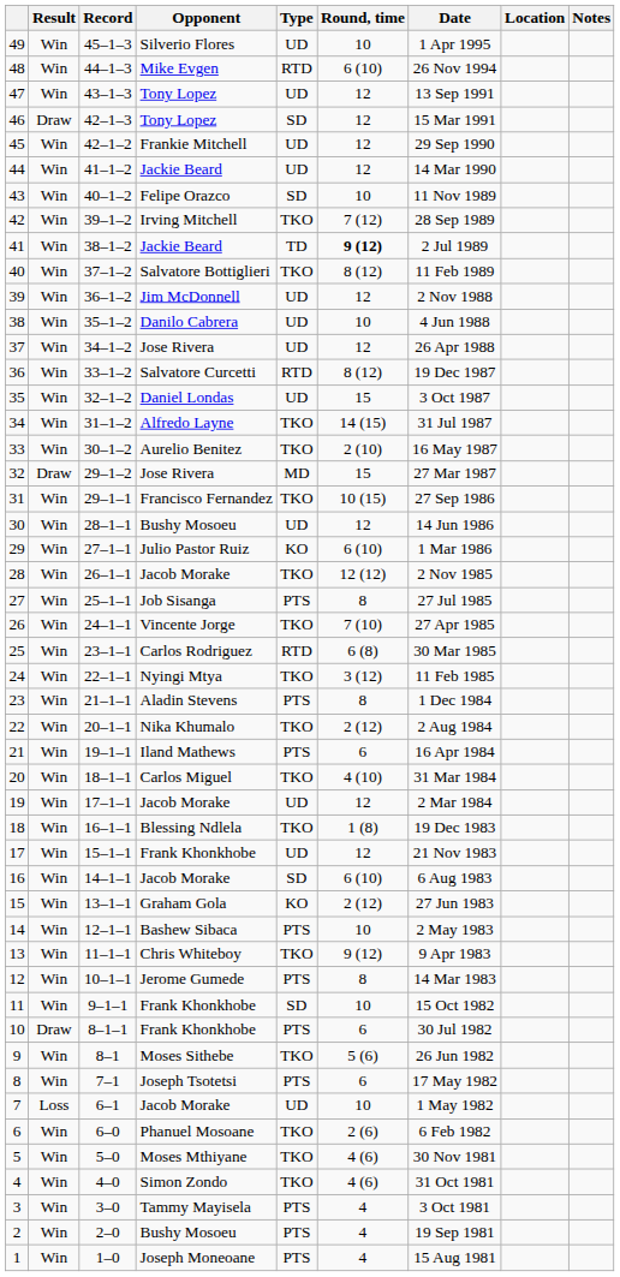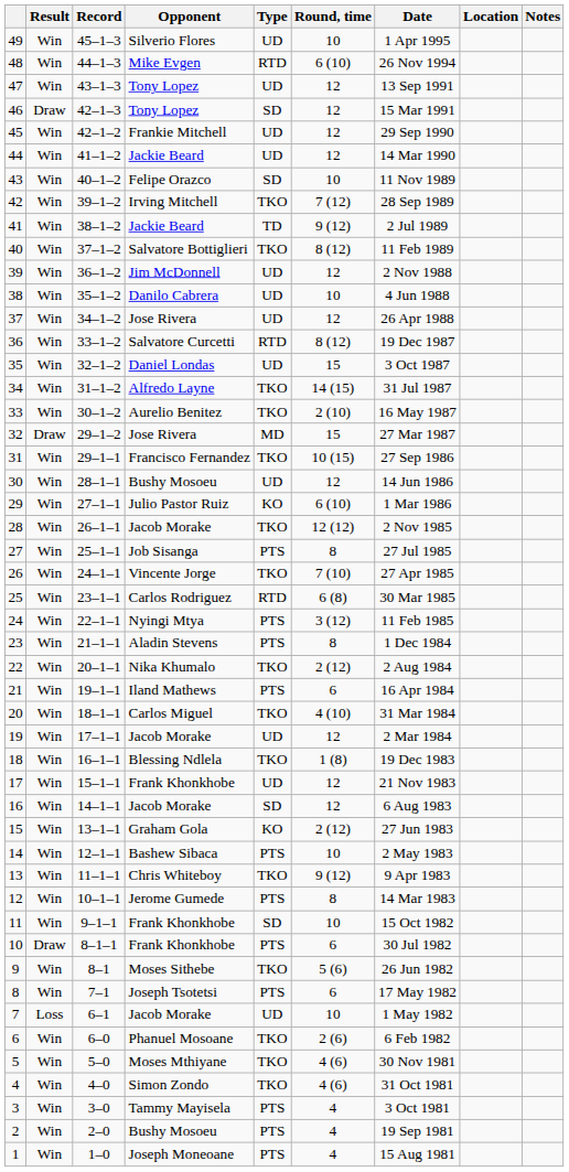 <table class="wikitable" style="text-align:center">
 <tr>
 <th></th>
 <th>Result</th>
 <th>Record</th>
 <th>Opponent</th>
 <th>Type</th>
 <th>Round, time</th>
 <th>Date</th>
 <th>Location</th>
 <th>Notes</th>
 </tr>
 <tr>
 <td>49</td>
 <td>Win</td>
 <td>45–1–3</td>
 <td style="text-align:left;">Silverio Flores</td>
 <td>UD</td>
 <td>10</td>
 <td>1 Apr 1995</td>
 <td style="text-align:left;"></td>
 <td style="text-align:left;"></td>
 </tr>
 <tr>
 <td>48</td>
 <td>Win</td>
 <td>44–1–3</td>
 <td style="text-align:left;"><a href='#'>Mike Evgen</a></td>
 <td>RTD</td>
 <td>6 (10)</td>
 <td>26 Nov 1994</td>
 <td style="text-align:left;"></td>
 <td style="text-align:left;"></td>
 </tr>
 <tr>
 <td>47</td>
 <td>Win</td>
 <td>43–1–3</td>
 <td style="text-align:left;"><a href='#'>Tony Lopez</a></td>
 <td>UD</td>
 <td>12</td>
 <td>13 Sep 1991</td>
 <td style="text-align:left;"></td>
 <td style="text-align:left;"></td>
 </tr>
 <tr>
 <td>46</td>
 <td>Draw</td>
 <td>42–1–3</td>
 <td style="text-align:left;"><a href='#'>Tony Lopez</a></td>
 <td>SD</td>
 <td>12</td>
 <td>15 Mar 1991</td>
 <td style="text-align:left;"></td>
 <td style="text-align:left;"></td>
 </tr>
 <tr>
 <td>45</td>
 <td>Win</td>
 <td>42–1–2</td>
 <td style="text-align:left;">Frankie Mitchell</td>
 <td>UD</td>
 <td>12</td>
 <td>29 Sep 1990</td>
 <td style="text-align:left;"></td>
 <td style="text-align:left;"></td>
 </tr>
 <tr>
 <td>44</td>
 <td>Win</td>
 <td>41–1–2</td>
 <td style="text-align:left;"><a href='#'>Jackie Beard</a></td>
 <td>UD</td>
 <td>12</td>
 <td>14 Mar 1990</td>
 <td style="text-align:left;"></td>
 <td style="text-align:left;"></td>
 </tr>
 <tr>
 <td>43</td>
 <td>Win</td>
 <td>40–1–2</td>
 <td style="text-align:left;">Felipe Orazco</td>
 <td>SD</td>
 <td>10</td>
 <td>11 Nov 1989</td>
 <td style="text-align:left;"></td>
 <td style="text-align:left;"></td>
 </tr>
 <tr>
 <td>42</td>
 <td>Win</td>
 <td>39–1–2</td>
 <td style="text-align:left;">Irving Mitchell</td>
 <td>TKO</td>
 <td>7 (12)</td>
 <td>28 Sep 1989</td>
 <td style="text-align:left;"></td>
 <td style="text-align:left;"></td>
 </tr>
 <tr>
 <td>41</td>
 <td>Win</td>
 <td>38–1–2</td>
 <td style="text-align:left;"><a href='#'>Jackie Beard</a></td>
 <td>TD</td>
-<td><strong>9 (12)</strong></td>
+<td>9 (12)</td>
 <td>2 Jul 1989</td>
 <td style="text-align:left;"></td>
 <td style="text-align:left;"></td>
 </tr>
 <tr>
 <td>40</td>
 <td>Win</td>
 <td>37–1–2</td>
 <td style="text-align:left;">Salvatore Bottiglieri</td>
 <td>TKO</td>
 <td>8 (12)</td>
 <td>11 Feb 1989</td>
 <td style="text-align:left;"></td>
 <td style="text-align:left;"></td>
 </tr>
 <tr>
 <td>39</td>
 <td>Win</td>
 <td>36–1–2</td>
 <td style="text-align:left;"><a href='#'>Jim McDonnell</a></td>
 <td>UD</td>
 <td>12</td>
 <td>2 Nov 1988</td>
 <td style="text-align:left;"></td>
 <td style="text-align:left;"></td>
 </tr>
 <tr>
 <td>38</td>
 <td>Win</td>
 <td>35–1–2</td>
 <td style="text-align:left;"><a href='#'>Danilo Cabrera</a></td>
 <td>UD</td>
 <td>10</td>
 <td>4 Jun 1988</td>
 <td style="text-align:left;"></td>
 <td style="text-align:left;"></td>
 </tr>
 <tr>
 <td>37</td>
 <td>Win</td>
 <td>34–1–2</td>
 <td style="text-align:left;">Jose Rivera</td>
 <td>UD</td>
 <td>12</td>
 <td>26 Apr 1988</td>
 <td style="text-align:left;"></td>
 <td style="text-align:left;"></td>
 </tr>
 <tr>
 <td>36</td>
 <td>Win</td>
 <td>33–1–2</td>
 <td style="text-align:left;">Salvatore Curcetti</td>
 <td>RTD</td>
 <td>8 (12)</td>
 <td>19 Dec 1987</td>
 <td style="text-align:left;"></td>
 <td style="text-align:left;"></td>
 </tr>
 <tr>
 <td>35</td>
 <td>Win</td>
 <td>32–1–2</td>
 <td style="text-align:left;"><a href='#'>Daniel Londas</a></td>
 <td>UD</td>
 <td>15</td>
 <td>3 Oct 1987</td>
 <td style="text-align:left;"></td>
 <td style="text-align:left;"></td>
 </tr>
 <tr>
 <td>34</td>
 <td>Win</td>
 <td>31–1–2</td>
 <td style="text-align:left;"><a href='#'>Alfredo Layne</a></td>
 <td>TKO</td>
 <td>14 (15)</td>
 <td>31 Jul 1987</td>
 <td style="text-align:left;"></td>
 <td style="text-align:left;"></td>
 </tr>
 <tr>
 <td>33</td>
 <td>Win</td>
 <td>30–1–2</td>
 <td style="text-align:left;">Aurelio Benitez</td>
 <td>TKO</td>
 <td>2 (10)</td>
 <td>16 May 1987</td>
 <td style="text-align:left;"></td>
 <td style="text-align:left;"></td>
 </tr>
 <tr>
 <td>32</td>
 <td>Draw</td>
 <td>29–1–2</td>
 <td style="text-align:left;">Jose Rivera</td>
 <td>MD</td>
 <td>15</td>
 <td>27 Mar 1987</td>
 <td style="text-align:left;"></td>
 <td style="text-align:left;"></td>
 </tr>
 <tr>
 <td>31</td>
 <td>Win</td>
 <td>29–1–1</td>
 <td style="text-align:left;">Francisco Fernandez</td>
 <td>TKO</td>
 <td>10 (15)</td>
 <td>27 Sep 1986</td>
 <td style="text-align:left;"></td>
 <td style="text-align:left;"></td>
 </tr>
 <tr>
 <td>30</td>
 <td>Win</td>
 <td>28–1–1</td>
 <td style="text-align:left;">Bushy Mosoeu</td>
 <td>UD</td>
 <td>12</td>
 <td>14 Jun 1986</td>
 <td style="text-align:left;"></td>
 <td style="text-align:left;"></td>
 </tr>
 <tr>
 <td>29</td>
 <td>Win</td>
 <td>27–1–1</td>
 <td style="text-align:left;">Julio Pastor Ruiz</td>
 <td>KO</td>
 <td>6 (10)</td>
 <td>1 Mar 1986</td>
 <td style="text-align:left;"></td>
 <td style="text-align:left;"></td>
 </tr>
 <tr>
 <td>28</td>
 <td>Win</td>
 <td>26–1–1</td>
 <td style="text-align:left;">Jacob Morake</td>
 <td>TKO</td>
 <td>12 (12)</td>
 <td>2 Nov 1985</td>
 <td style="text-align:left;"></td>
 <td style="text-align:left;"></td>
 </tr>
 <tr>
 <td>27</td>
 <td>Win</td>
 <td>25–1–1</td>
 <td style="text-align:left;">Job Sisanga</td>
 <td>PTS</td>
 <td>8</td>
 <td>27 Jul 1985</td>
 <td style="text-align:left;"></td>
 <td style="text-align:left;"></td>
 </tr>
 <tr>
 <td>26</td>
 <td>Win</td>
 <td>24–1–1</td>
 <td style="text-align:left;">Vincente Jorge</td>
 <td>TKO</td>
 <td>7 (10)</td>
 <td>27 Apr 1985</td>
 <td style="text-align:left;"></td>
 <td style="text-align:left;"></td>
 </tr>
 <tr>
 <td>25</td>
 <td>Win</td>
 <td>23–1–1</td>
 <td style="text-align:left;">Carlos Rodriguez</td>
 <td>RTD</td>
 <td>6 (8)</td>
 <td>30 Mar 1985</td>
 <td style="text-align:left;"></td>
 <td style="text-align:left;"></td>
 </tr>
 <tr>
 <td>24</td>
 <td>Win</td>
 <td>22–1–1</td>
 <td style="text-align:left;">Nyingi Mtya</td>
-<td>TKO</td>
+<td>PTS</td>
 <td>3 (12)</td>
 <td>11 Feb 1985</td>
 <td style="text-align:left;"></td>
 <td style="text-align:left;"></td>
 </tr>
 <tr>
 <td>23</td>
 <td>Win</td>
 <td>21–1–1</td>
 <td style="text-align:left;">Aladin Stevens</td>
 <td>PTS</td>
 <td>8</td>
 <td>1 Dec 1984</td>
 <td style="text-align:left;"></td>
 <td style="text-align:left;"></td>
 </tr>
 <tr>
 <td>22</td>
 <td>Win</td>
 <td>20–1–1</td>
 <td style="text-align:left;">Nika Khumalo</td>
 <td>TKO</td>
 <td>2 (12)</td>
 <td>2 Aug 1984</td>
 <td style="text-align:left;"></td>
 <td style="text-align:left;"></td>
 </tr>
 <tr>
 <td>21</td>
 <td>Win</td>
 <td>19–1–1</td>
 <td style="text-align:left;">Iland Mathews</td>
 <td>PTS</td>
 <td>6</td>
 <td>16 Apr 1984</td>
 <td style="text-align:left;"></td>
 <td style="text-align:left;"></td>
 </tr>
 <tr>
 <td>20</td>
 <td>Win</td>
 <td>18–1–1</td>
 <td style="text-align:left;">Carlos Miguel</td>
 <td>TKO</td>
 <td>4 (10)</td>
 <td>31 Mar 1984</td>
 <td style="text-align:left;"></td>
 <td style="text-align:left;"></td>
 </tr>
 <tr>
 <td>19</td>
 <td>Win</td>
 <td>17–1–1</td>
 <td style="text-align:left;">Jacob Morake</td>
 <td>UD</td>
 <td>12</td>
 <td>2 Mar 1984</td>
 <td style="text-align:left;"></td>
 <td style="text-align:left;"></td>
 </tr>
 <tr>
 <td>18</td>
 <td>Win</td>
 <td>16–1–1</td>
 <td style="text-align:left;">Blessing Ndlela</td>
 <td>TKO</td>
 <td>1 (8)</td>
 <td>19 Dec 1983</td>
 <td style="text-align:left;"></td>
 <td style="text-align:left;"></td>
 </tr>
 <tr>
 <td>17</td>
 <td>Win</td>
 <td>15–1–1</td>
 <td style="text-align:left;">Frank Khonkhobe</td>
 <td>UD</td>
 <td>12</td>
 <td>21 Nov 1983</td>
 <td style="text-align:left;"></td>
 <td style="text-align:left;"></td>
 </tr>
 <tr>
 <td>16</td>
 <td>Win</td>
 <td>14–1–1</td>
 <td style="text-align:left;">Jacob Morake</td>
 <td>SD</td>
-<td>6 (10)</td>
+<td>12</td>
 <td>6 Aug 1983</td>
 <td style="text-align:left;"></td>
 <td style="text-align:left;"></td>
 </tr>
 <tr>
 <td>15</td>
 <td>Win</td>
 <td>13–1–1</td>
 <td style="text-align:left;">Graham Gola</td>
 <td>KO</td>
 <td>2 (12)</td>
 <td>27 Jun 1983</td>
 <td style="text-align:left;"></td>
 <td style="text-align:left;"></td>
 </tr>
 <tr>
 <td>14</td>
 <td>Win</td>
 <td>12–1–1</td>
 <td style="text-align:left;">Bashew Sibaca</td>
 <td>PTS</td>
 <td>10</td>
 <td>2 May 1983</td>
 <td style="text-align:left;"></td>
 <td style="text-align:left;"></td>
 </tr>
 <tr>
 <td>13</td>
 <td>Win</td>
 <td>11–1–1</td>
 <td style="text-align:left;">Chris Whiteboy</td>
 <td>TKO</td>
 <td>9 (12)</td>
 <td>9 Apr 1983</td>
 <td style="text-align:left;"></td>
 <td style="text-align:left;"></td>
 </tr>
 <tr>
 <td>12</td>
 <td>Win</td>
 <td>10–1–1</td>
 <td style="text-align:left;">Jerome Gumede</td>
 <td>PTS</td>
 <td>8</td>
 <td>14 Mar 1983</td>
 <td style="text-align:left;"></td>
 <td style="text-align:left;"></td>
 </tr>
 <tr>
 <td>11</td>
 <td>Win</td>
 <td>9–1–1</td>
 <td style="text-align:left;">Frank Khonkhobe</td>
 <td>SD</td>
 <td>10</td>
 <td>15 Oct 1982</td>
 <td style="text-align:left;"></td>
 <td style="text-align:left;"></td>
 </tr>
 <tr>
 <td>10</td>
 <td>Draw</td>
 <td>8–1–1</td>
 <td style="text-align:left;">Frank Khonkhobe</td>
 <td>PTS</td>
 <td>6</td>
 <td>30 Jul 1982</td>
 <td style="text-align:left;"></td>
 <td style="text-align:left;"></td>
 </tr>
 <tr>
 <td>9</td>
 <td>Win</td>
 <td>8–1</td>
 <td style="text-align:left;">Moses Sithebe</td>
 <td>TKO</td>
 <td>5 (6)</td>
 <td>26 Jun 1982</td>
 <td style="text-align:left;"></td>
 <td style="text-align:left;"></td>
 </tr>
 <tr>
 <td>8</td>
 <td>Win</td>
 <td>7–1</td>
 <td style="text-align:left;">Joseph Tsotetsi</td>
 <td>PTS</td>
 <td>6</td>
 <td>17 May 1982</td>
 <td style="text-align:left;"></td>
 <td style="text-align:left;"></td>
 </tr>
 <tr>
 <td>7</td>
 <td>Loss</td>
 <td>6–1</td>
 <td style="text-align:left;">Jacob Morake</td>
 <td>UD</td>
 <td>10</td>
 <td>1 May 1982</td>
 <td style="text-align:left;"></td>
 <td style="text-align:left;"></td>
 </tr>
 <tr>
 <td>6</td>
 <td>Win</td>
 <td>6–0</td>
 <td style="text-align:left;">Phanuel Mosoane</td>
 <td>TKO</td>
 <td>2 (6)</td>
 <td>6 Feb 1982</td>
 <td style="text-align:left;"></td>
 <td style="text-align:left;"></td>
 </tr>
 <tr>
 <td>5</td>
 <td>Win</td>
 <td>5–0</td>
 <td style="text-align:left;">Moses Mthiyane</td>
 <td>TKO</td>
 <td>4 (6)</td>
 <td>30 Nov 1981</td>
 <td style="text-align:left;"></td>
 <td style="text-align:left;"></td>
 </tr>
 <tr>
 <td>4</td>
 <td>Win</td>
 <td>4–0</td>
 <td style="text-align:left;">Simon Zondo</td>
 <td>TKO</td>
 <td>4 (6)</td>
 <td>31 Oct 1981</td>
 <td style="text-align:left;"></td>
 <td style="text-align:left;"></td>
 </tr>
 <tr>
 <td>3</td>
 <td>Win</td>
 <td>3–0</td>
 <td style="text-align:left;">Tammy Mayisela</td>
 <td>PTS</td>
 <td>4</td>
 <td>3 Oct 1981</td>
 <td style="text-align:left;"></td>
 <td style="text-align:left;"></td>
 </tr>
 <tr>
 <td>2</td>
 <td>Win</td>
 <td>2–0</td>
 <td style="text-align:left;">Bushy Mosoeu</td>
 <td>PTS</td>
 <td>4</td>
 <td>19 Sep 1981</td>
 <td style="text-align:left;"></td>
 <td style="text-align:left;"></td>
 </tr>
 <tr>
 <td>1</td>
 <td>Win</td>
 <td>1–0</td>
 <td style="text-align:left;">Joseph Moneoane</td>
 <td>PTS</td>
 <td>4</td>
 <td>15 Aug 1981</td>
 <td style="text-align:left;"></td>
 <td style="text-align:left;"></td>
 </tr>
 </table>
